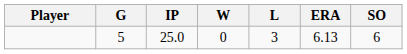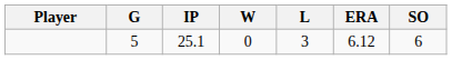 <table class="wikitable sortable">
 <tr>
 <th bgcolor="#DDDDFF" width="16%">Player</th>
 <th bgcolor="#DDDDFF" width="9%">G</th>
 <th bgcolor="#DDDDFF" width="9%">IP</th>
 <th bgcolor="#DDDDFF" width="9%">W</th>
 <th bgcolor="#DDDDFF" width="9%">L</th>
 <th bgcolor="#DDDDFF" width="9%">ERA</th>
 <th bgcolor="#DDDDFF" width="9%">SO</th>
 </tr>
 <tr align="center">
 <td></td>
 <td>5</td>
-<td>25.0</td>
+<td>25.1</td>
 <td>0</td>
 <td>3</td>
-<td>6.13</td>
+<td>6.12</td>
 <td>6</td>
 </tr>
 </table>
